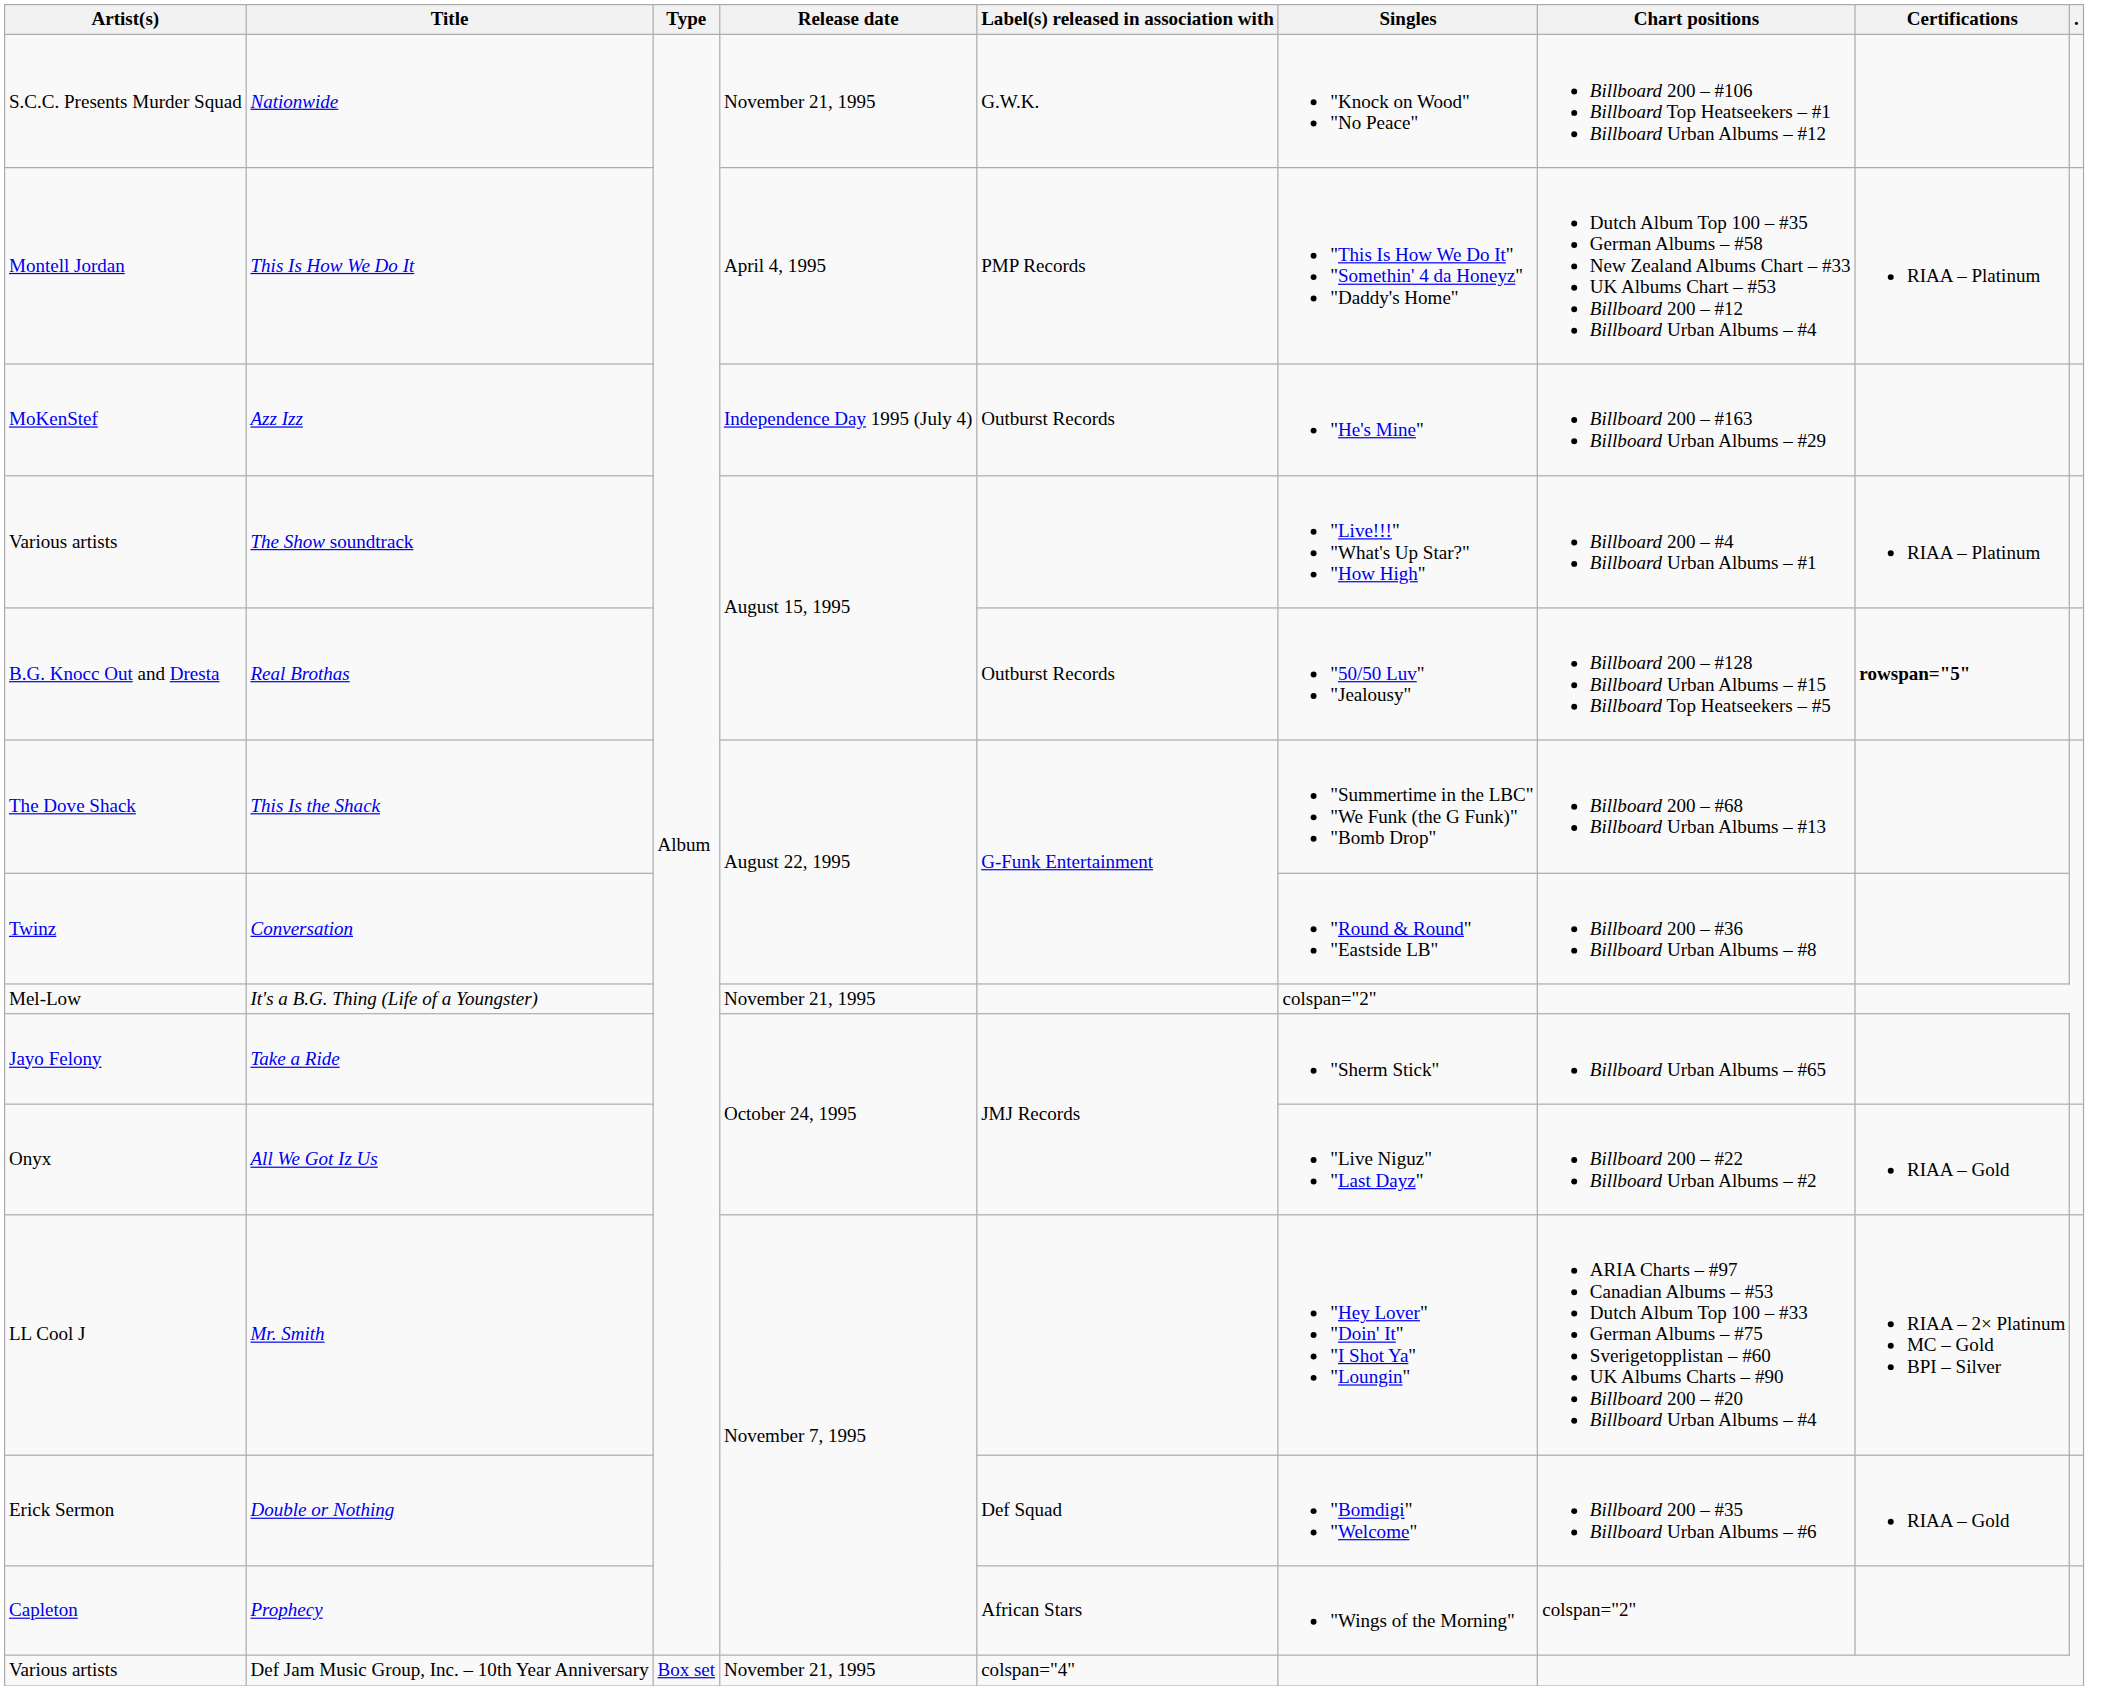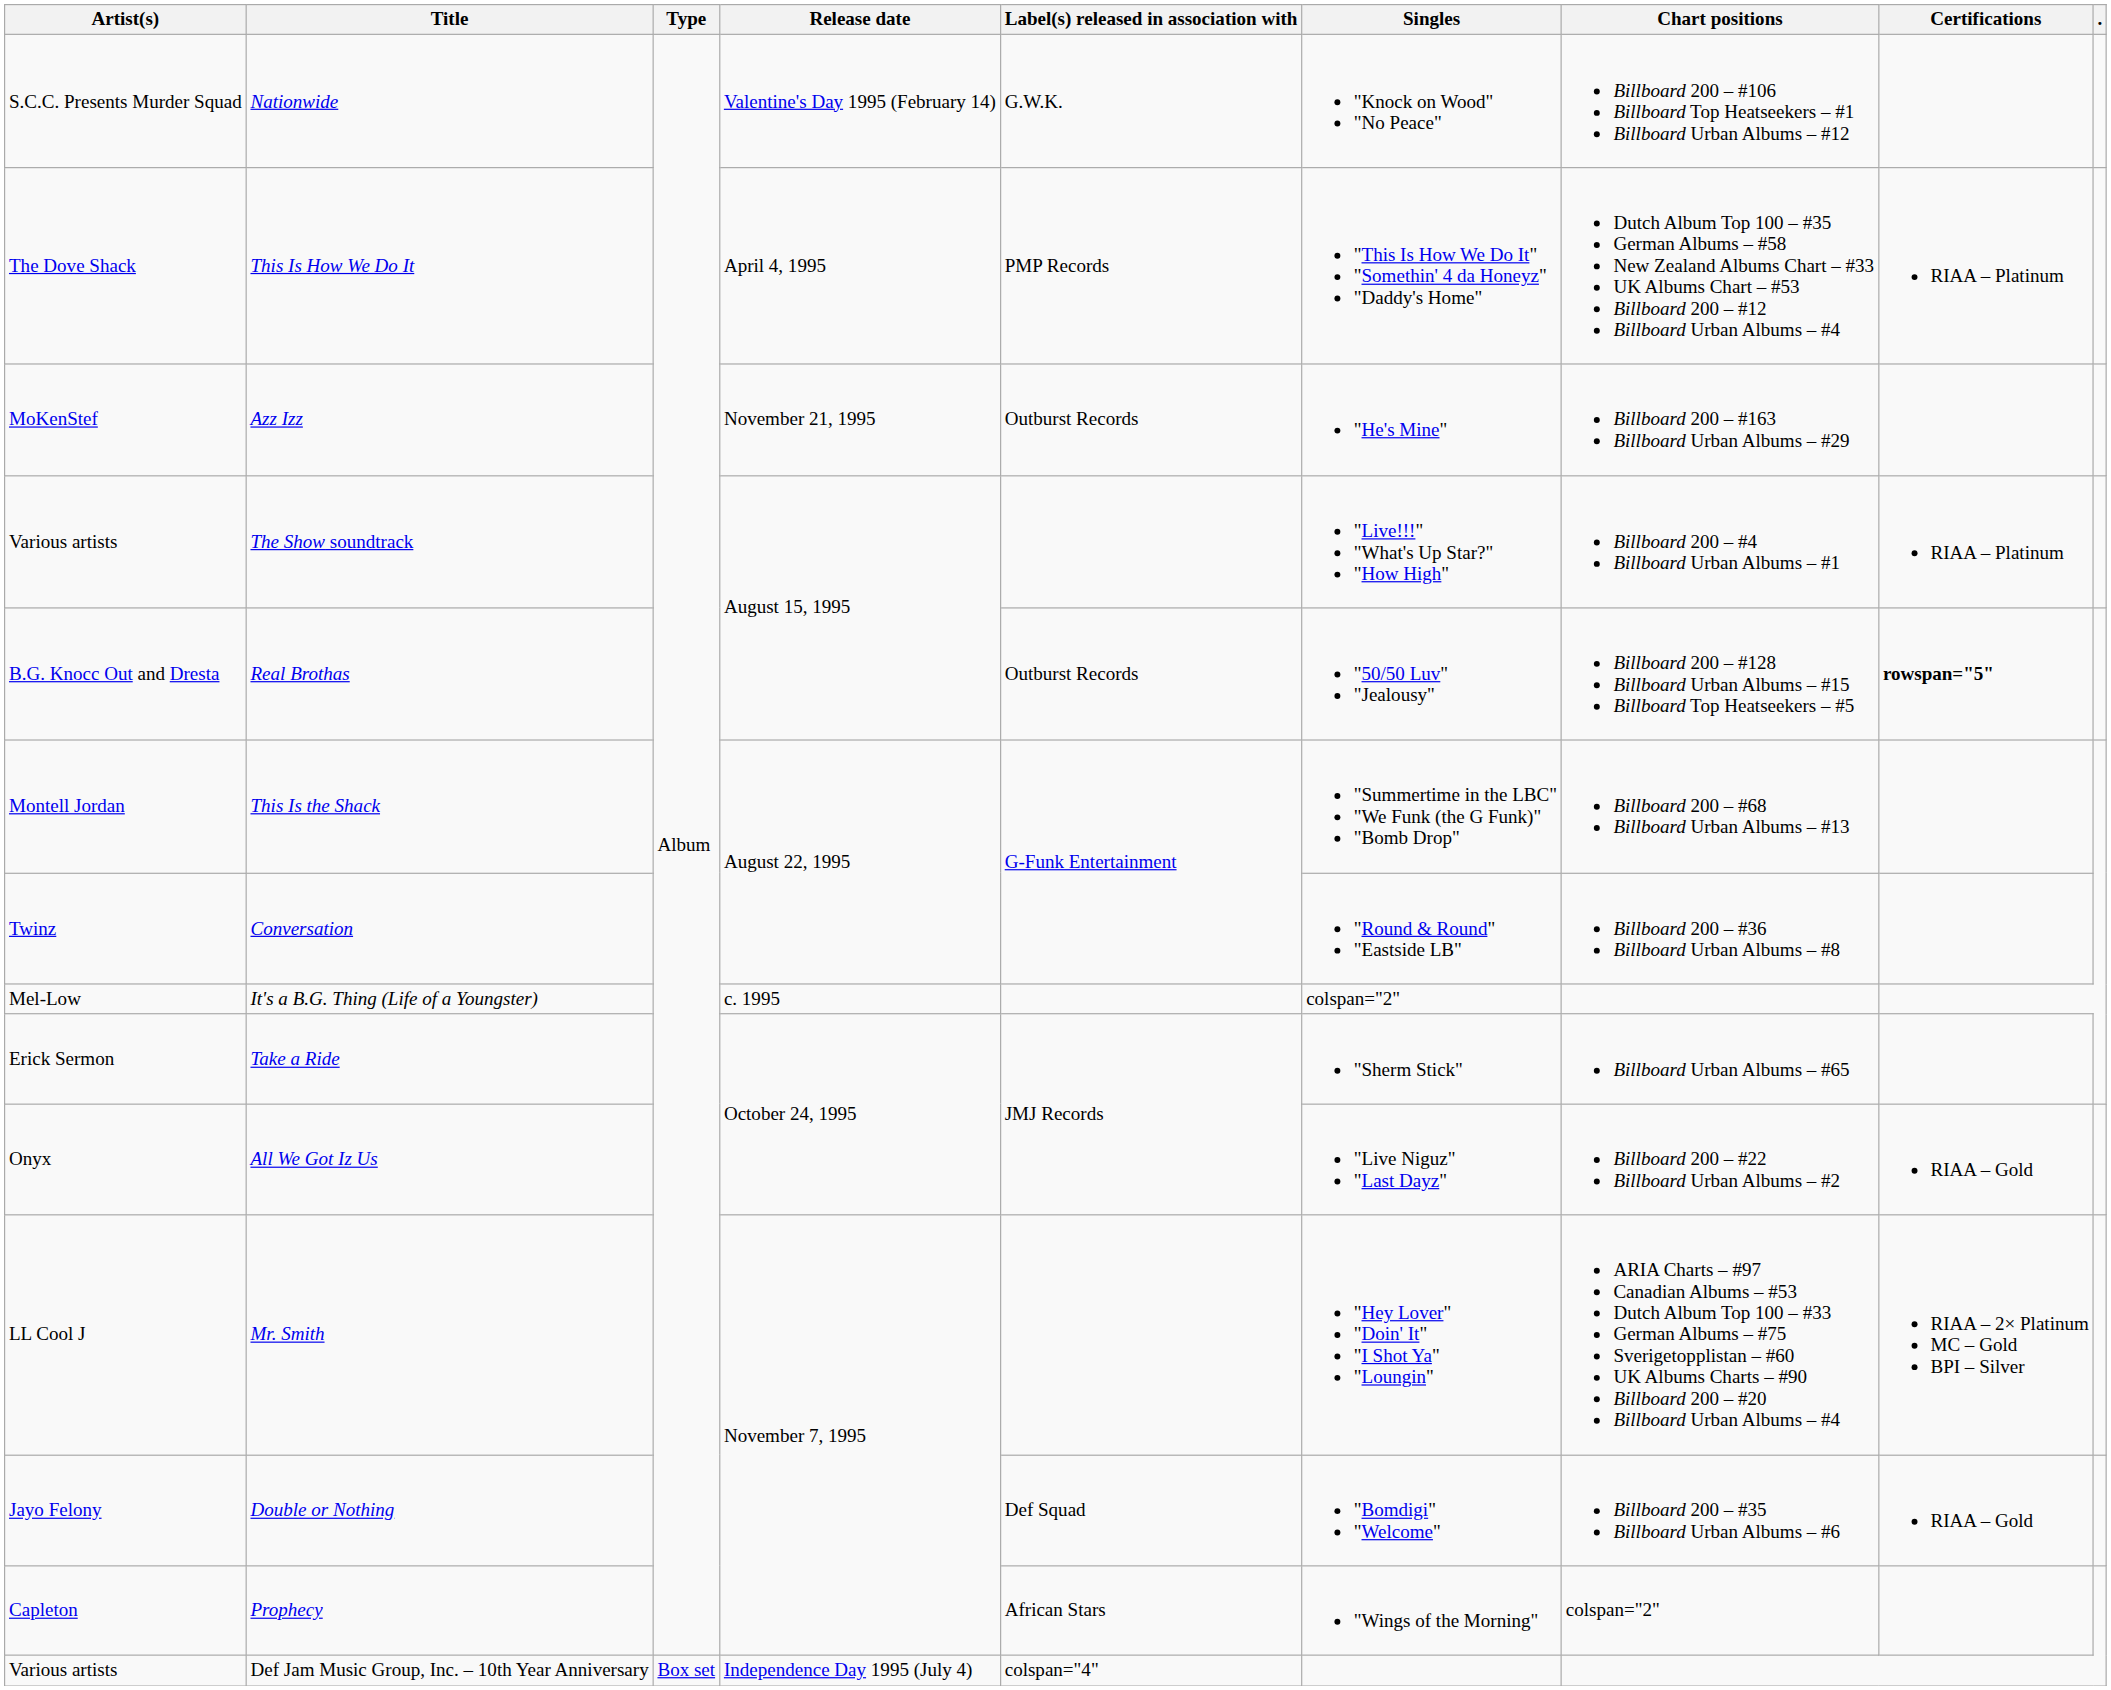 <table class="wikitable">
 <tr>
 <th>Artist(s)</th>
 <th>Title</th>
 <th>Type</th>
 <th>Release date</th>
 <th>Label(s) released in association with</th>
 <th>Singles</th>
 <th>Chart positions</th>
 <th>Certifications</th>
 <th>.</th>
 </tr>
 <tr>
 <td>S.C.C. Presents Murder Squad</td>
 <td><em><a href='#'>Nationwide</a></em></td>
 <td rowspan="13">Album</td>
-<td>November 21, 1995</td>
+<td><a href='#'>Valentine's Day</a> 1995 (February 14)</td>
 <td>G.W.K.</td>
 <td><br><ul><li>"Knock on Wood"</li><li>"No Peace"</li></ul></td>
 <td><br><ul><li><em>Billboard</em> 200 – #106</li><li><em>Billboard</em> Top Heatseekers – #1</li><li><em>Billboard</em> Urban Albums – #12</li></ul></td>
 <td></td>
 <td></td>
 </tr>
 <tr>
-<td><a href='#'>Montell Jordan</a></td>
+<td><a href='#'>The Dove Shack</a></td>
 <td><a href='#'><em>This Is How We Do It</em></a></td>
 <td>April 4, 1995</td>
 <td>PMP Records</td>
 <td><br><ul><li>"<a href='#'>This Is How We Do It</a>"</li><li>"<a href='#'>Somethin' 4 da Honeyz</a>"</li><li>"Daddy's Home"</li></ul></td>
 <td><br><ul><li>Dutch Album Top 100 – #35</li><li>German Albums – #58</li><li>New Zealand Albums Chart – #33</li><li>UK Albums Chart – #53</li><li><em>Billboard</em> 200 – #12</li><li><em>Billboard</em> Urban Albums – #4</li></ul></td>
 <td><br><ul><li>RIAA – Platinum</li></ul></td>
 <td></td>
 </tr>
 <tr>
 <td><a href='#'>MoKenStef</a></td>
 <td><em><a href='#'>Azz Izz</a></em></td>
-<td><a href='#'>Independence Day</a> 1995 (July 4)</td>
+<td>November 21, 1995</td>
 <td>Outburst Records</td>
 <td><br><ul><li>"<a href='#'>He's Mine</a>"</li></ul></td>
 <td><br><ul><li><em>Billboard</em> 200 – #163</li><li><em>Billboard</em> Urban Albums – #29</li></ul></td>
 <td></td>
 <td></td>
 </tr>
 <tr>
 <td>Various artists</td>
 <td><a href='#'><em>The Show</em> soundtrack</a></td>
 <td rowspan="2">August 15, 1995</td>
 <td></td>
 <td><br><ul><li>"<a href='#'>Live!!!</a>"</li><li>"What's Up Star?"</li><li>"<a href='#'>How High</a>"</li></ul></td>
 <td><br><ul><li><em>Billboard</em> 200 – #4</li><li><em>Billboard</em> Urban Albums – #1</li></ul></td>
 <td><br><ul><li>RIAA – Platinum</li></ul></td>
 <td></td>
 </tr>
 <tr>
 <td><a href='#'>B.G. Knocc Out</a> and <a href='#'>Dresta</a></td>
 <td><em><a href='#'>Real Brothas</a></em></td>
 <td>Outburst Records</td>
 <td><br><ul><li>"<a href='#'>50/50 Luv</a>"</li><li>"Jealousy"</li></ul></td>
 <td><br><ul><li><em>Billboard</em> 200 – #128</li><li><em>Billboard</em> Urban Albums – #15</li><li><em>Billboard</em> Top Heatseekers – #5</li></ul></td>
 <td><strong>rowspan="5" </strong></td>
 <td></td>
 </tr>
 <tr>
-<td><a href='#'>The Dove Shack</a></td>
+<td><a href='#'>Montell Jordan</a></td>
 <td><em><a href='#'>This Is the Shack</a></em></td>
 <td rowspan="2">August 22, 1995</td>
 <td rowspan="2"><a href='#'>G-Funk Entertainment</a></td>
 <td><br><ul><li>"Summertime in the LBC"</li><li>"We Funk (the G Funk)"</li><li>"Bomb Drop"</li></ul></td>
 <td><br><ul><li><em>Billboard</em> 200 – #68</li><li><em>Billboard</em> Urban Albums – #13</li></ul></td>
 <td></td>
 </tr>
 <tr>
 <td><a href='#'>Twinz</a></td>
 <td><a href='#'><em>Conversation</em></a></td>
 <td><br><ul><li>"<a href='#'>Round & Round</a>"</li><li>"Eastside LB"</li></ul></td>
 <td><br><ul><li><em>Billboard</em> 200 – #36</li><li><em>Billboard</em> Urban Albums – #8</li></ul></td>
 <td></td>
 </tr>
 <tr>
 <td>Mel-Low</td>
 <td><em>It's a B.G. Thing (Life of a Youngster)</em></td>
-<td>November 21, 1995</td>
+<td>c. 1995</td>
 <td></td>
 <td>colspan="2" </td>
 <td></td>
 </tr>
 <tr>
-<td><a href='#'>Jayo Felony</a></td>
+<td>Erick Sermon</td>
 <td><em><a href='#'>Take a Ride</a></em></td>
 <td rowspan="2">October 24, 1995</td>
 <td rowspan="2">JMJ Records</td>
 <td><br><ul><li>"Sherm Stick"</li></ul></td>
 <td><br><ul><li><em>Billboard</em> Urban Albums – #65</li></ul></td>
 <td></td>
 </tr>
 <tr>
 <td>Onyx</td>
 <td><em><a href='#'>All We Got Iz Us</a></em></td>
 <td><br><ul><li>"Live Niguz"</li><li>"<a href='#'>Last Dayz</a>"</li></ul></td>
 <td><br><ul><li><em>Billboard</em> 200 – #22</li><li><em>Billboard</em> Urban Albums – #2</li></ul></td>
 <td><br><ul><li>RIAA – Gold</li></ul></td>
 <td></td>
 </tr>
 <tr>
 <td>LL Cool J</td>
 <td><a href='#'><em>Mr. Smith</em></a></td>
 <td rowspan="3">November 7, 1995</td>
 <td></td>
 <td><br><ul><li>"<a href='#'>Hey Lover</a>"</li><li>"<a href='#'>Doin' It</a>"</li><li>"<a href='#'>I Shot Ya</a>"</li><li>"<a href='#'>Loungin</a>"</li></ul></td>
 <td><br><ul><li>ARIA Charts – #97</li><li>Canadian Albums – #53</li><li>Dutch Album Top 100 – #33</li><li>German Albums – #75</li><li>Sverigetopplistan – #60</li><li>UK Albums Charts – #90</li><li><em>Billboard</em> 200 – #20</li><li><em>Billboard</em> Urban Albums – #4</li></ul></td>
 <td><br><ul><li>RIAA – 2× Platinum</li><li>MC – Gold</li><li>BPI – Silver</li></ul></td>
 <td></td>
 </tr>
 <tr>
-<td>Erick Sermon</td>
+<td><a href='#'>Jayo Felony</a></td>
 <td><a href='#'><em>Double or Nothing</em></a></td>
 <td>Def Squad</td>
 <td><br><ul><li>"<a href='#'>Bomdigi</a>"</li><li>"<a href='#'>Welcome</a>"</li></ul></td>
 <td><br><ul><li><em>Billboard</em> 200 – #35</li><li><em>Billboard</em> Urban Albums – #6</li></ul></td>
 <td><br><ul><li>RIAA – Gold</li></ul></td>
 <td></td>
 </tr>
 <tr>
 <td><a href='#'>Capleton</a></td>
 <td><a href='#'><em>Prophecy</em></a></td>
 <td>African Stars</td>
 <td><br><ul><li>"Wings of the Morning"</li></ul></td>
 <td>colspan="2" </td>
 <td></td>
 </tr>
 <tr>
 <td>Various artists</td>
 <td>Def Jam Music Group, Inc. – 10th Year Anniversary</td>
 <td><a href='#'>Box set</a></td>
-<td>November 21, 1995</td>
+<td><a href='#'>Independence Day</a> 1995 (July 4)</td>
 <td>colspan="4" </td>
 <td></td>
 </tr>
 </table>
